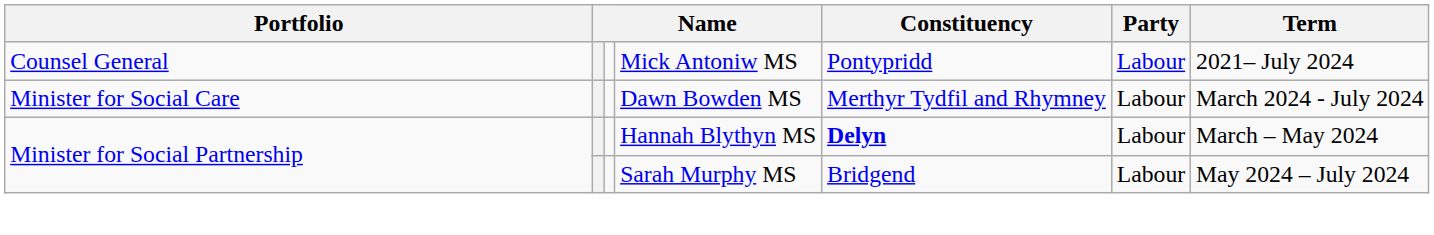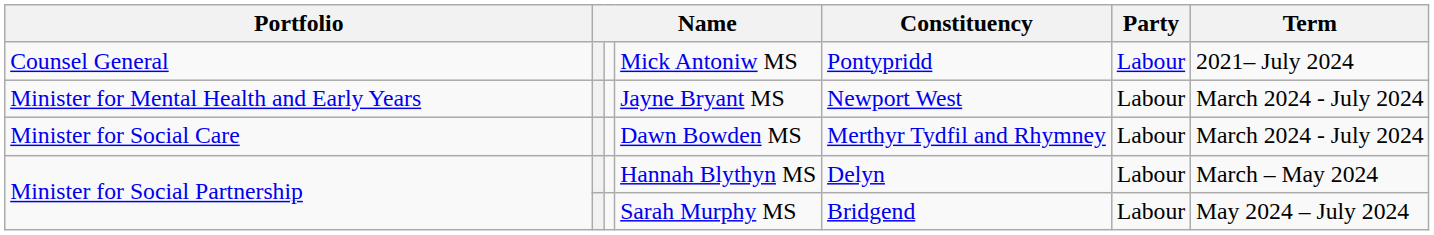 <table class="wikitable">
 <tr>
 <th style="width: 390px">Portfolio</th>
 <th colspan="3">Name</th>
 <th>Constituency</th>
 <th>Party</th>
 <th>Term</th>
 </tr>
 <tr>
 <td><a href='#'>Counsel General</a></td>
 <th style="background-color: "></th>
 <td></td>
 <td><a href='#'>Mick Antoniw</a> MS</td>
 <td><a href='#'>Pontypridd</a></td>
 <td><a href='#'>Labour</a></td>
 <td>2021– July 2024</td>
 </tr>
 <tr>
+<td><a href='#'>Minister for Mental Health and Early Years</a></td>
+<th style="background-color: "></th>
+<td></td>
+<td><a href='#'>Jayne Bryant</a> MS</td>
+<td><a href='#'>Newport West</a></td>
+<td>Labour</td>
+<td>March 2024 - July 2024</td>
+</tr>
+<tr>
 <td><a href='#'>Minister for Social Care</a></td>
 <th style="background-color: "></th>
 <td></td>
 <td><a href='#'>Dawn Bowden</a> MS</td>
 <td><a href='#'>Merthyr Tydfil and Rhymney</a></td>
 <td>Labour</td>
 <td>March 2024 - July 2024</td>
 </tr>
 <tr>
 <td rowspan="2"><a href='#'>Minister for Social Partnership</a></td>
 <th style="background-color: "></th>
 <td></td>
 <td><a href='#'>Hannah Blythyn</a> MS</td>
-<td><strong><a href='#'>Delyn</a></strong></td>
+<td><a href='#'>Delyn</a></td>
 <td>Labour</td>
 <td>March – May 2024</td>
 </tr>
 <tr>
 <th style="background-color: "></th>
 <td></td>
 <td><a href='#'>Sarah Murphy</a> MS</td>
 <td><a href='#'>Bridgend</a></td>
 <td>Labour</td>
 <td>May 2024 – July 2024</td>
 </tr>
 </table>
